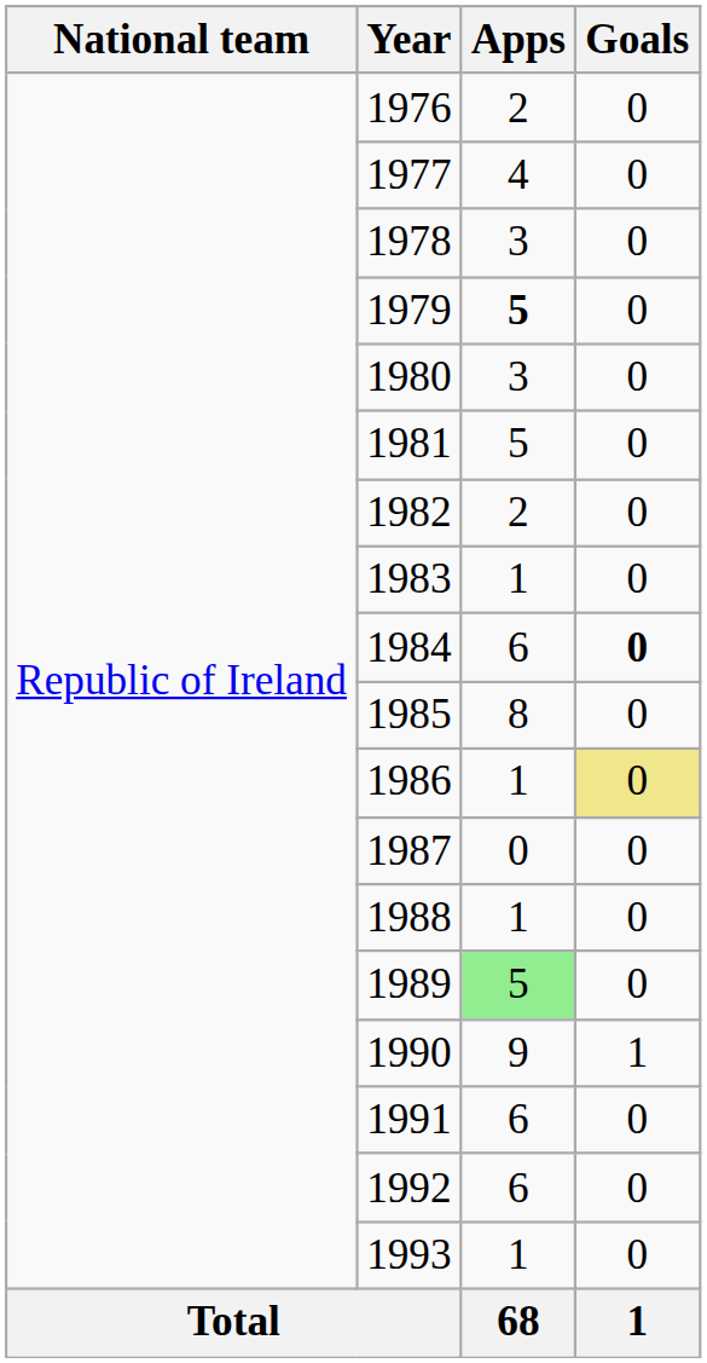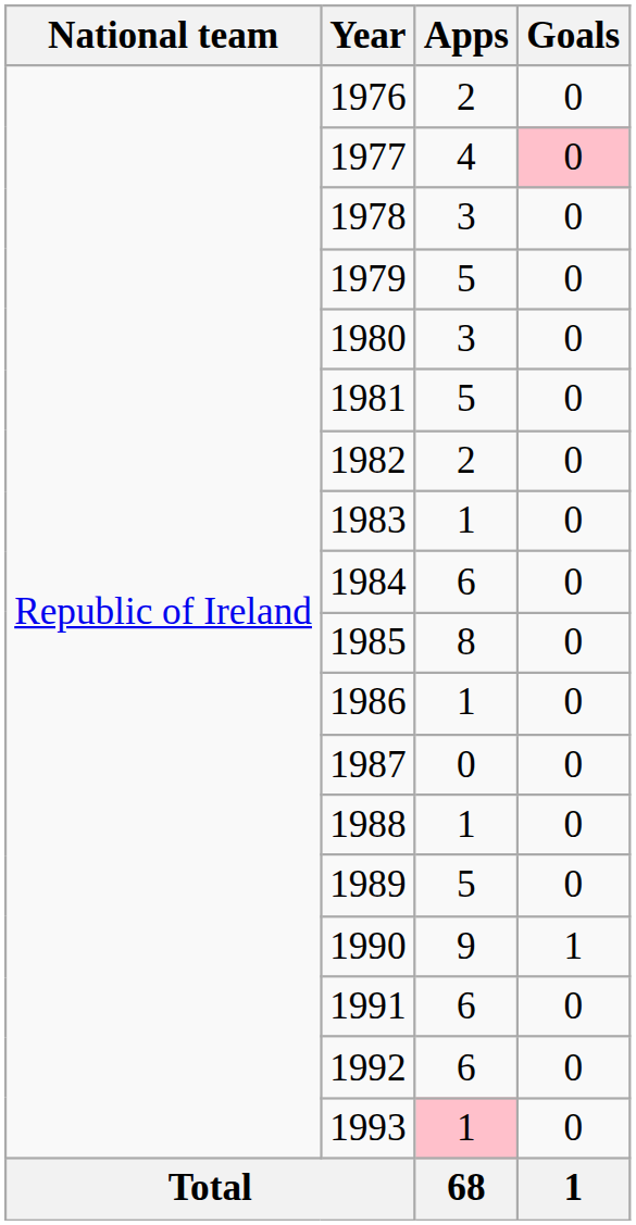 <table class="wikitable" style="text-align:center">
 <tr>
 <th>National team</th>
 <th>Year</th>
 <th>Apps</th>
 <th>Goals</th>
 </tr>
 <tr>
 <td rowspan="18"><a href='#'>Republic of Ireland</a></td>
 <td>1976</td>
 <td>2</td>
 <td>0</td>
 </tr>
 <tr>
 <td>1977</td>
 <td>4</td>
-<td>0</td>
+<td style="background: pink;">0</td>
 </tr>
 <tr>
 <td>1978</td>
 <td>3</td>
 <td>0</td>
 </tr>
 <tr>
 <td>1979</td>
-<td><strong>5</strong></td>
+<td>5</td>
 <td>0</td>
 </tr>
 <tr>
 <td>1980</td>
 <td>3</td>
 <td>0</td>
 </tr>
 <tr>
 <td>1981</td>
 <td>5</td>
 <td>0</td>
 </tr>
 <tr>
 <td>1982</td>
 <td>2</td>
 <td>0</td>
 </tr>
 <tr>
 <td>1983</td>
 <td>1</td>
 <td>0</td>
 </tr>
 <tr>
 <td>1984</td>
 <td>6</td>
-<td><strong>0</strong></td>
+<td>0</td>
 </tr>
 <tr>
 <td>1985</td>
 <td>8</td>
 <td>0</td>
 </tr>
 <tr>
 <td>1986</td>
 <td>1</td>
-<td style="background: khaki;">0</td>
+<td>0</td>
 </tr>
 <tr>
 <td>1987</td>
 <td>0</td>
 <td>0</td>
 </tr>
 <tr>
 <td>1988</td>
 <td>1</td>
 <td>0</td>
 </tr>
 <tr>
 <td>1989</td>
-<td style="background: lightgreen;">5</td>
+<td>5</td>
 <td>0</td>
 </tr>
 <tr>
 <td>1990</td>
 <td>9</td>
 <td>1</td>
 </tr>
 <tr>
 <td>1991</td>
 <td>6</td>
 <td>0</td>
 </tr>
 <tr>
 <td>1992</td>
 <td>6</td>
 <td>0</td>
 </tr>
 <tr>
 <td>1993</td>
-<td>1</td>
+<td style="background: pink;">1</td>
 <td>0</td>
 </tr>
 <tr>
 <th colspan="2">Total</th>
 <th>68</th>
 <th>1</th>
 </tr>
 </table>
